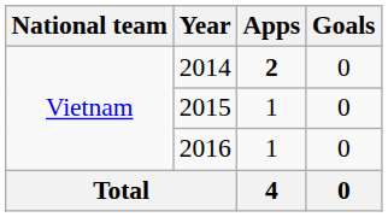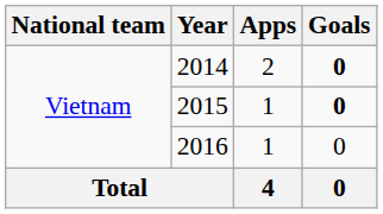 <table class=wikitable style="text-align: center">
 <tr>
 <th>National team</th>
 <th>Year</th>
 <th>Apps</th>
 <th>Goals</th>
 </tr>
 <tr>
 <td rowspan=3><a href='#'>Vietnam</a></td>
 <td>2014</td>
-<td><strong>2</strong></td>
-<td>0</td>
+<td>2</td>
+<td><strong>0</strong></td>
 </tr>
 <tr>
 <td>2015</td>
 <td>1</td>
-<td>0</td>
+<td><strong>0</strong></td>
 </tr>
 <tr>
 <td>2016</td>
 <td>1</td>
 <td>0</td>
 </tr>
 <tr>
 <th colspan=2>Total</th>
 <th>4</th>
 <th>0</th>
 </tr>
 </table>
